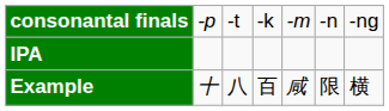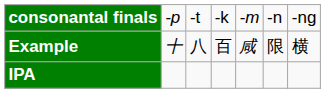 <table class="wikitable" border=1>
 <tr>
 <td style="background:green; color:white"><strong> consonantal finals</strong></td>
 <td><em>-p</em></td>
 <td>-t</td>
 <td>-k</td>
 <td><em>-m</em></td>
 <td>-n</td>
 <td>-ng</td>
 </tr>
 <tr>
+<td style="background:green; color:white"><strong>Example</strong></td>
+<td><em>十</em></td>
+<td>八</td>
+<td>百</td>
+<td><em>咸</em></td>
+<td>限</td>
+<td>横</td>
+</tr>
+<tr>
 <td style="background:green; color:white"><strong>IPA</strong></td>
 <td><em></em></td>
 <td></td>
 <td></td>
 <td><em></em></td>
 <td></td>
 <td></td>
 </tr>
-<tr>
-<td style="background:green; color:white"><strong>Example</strong></td>
-<td><em>十</em></td>
-<td>八</td>
-<td>百</td>
-<td><em>咸</em></td>
-<td>限</td>
-<td>横</td>
-</tr>
 </table>
